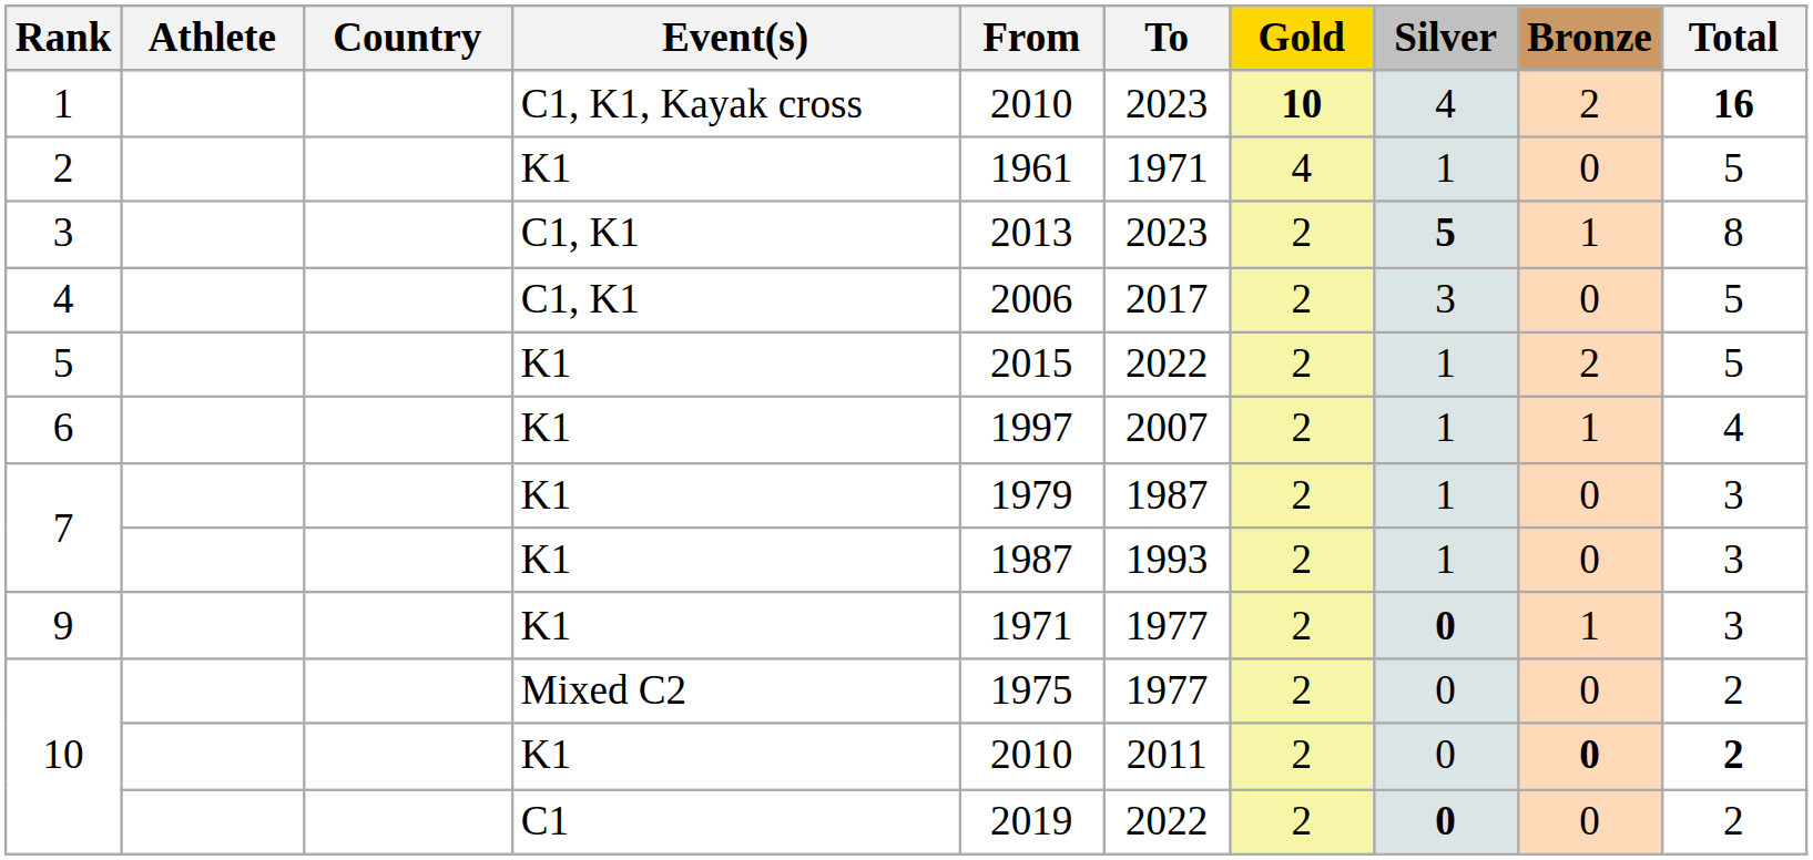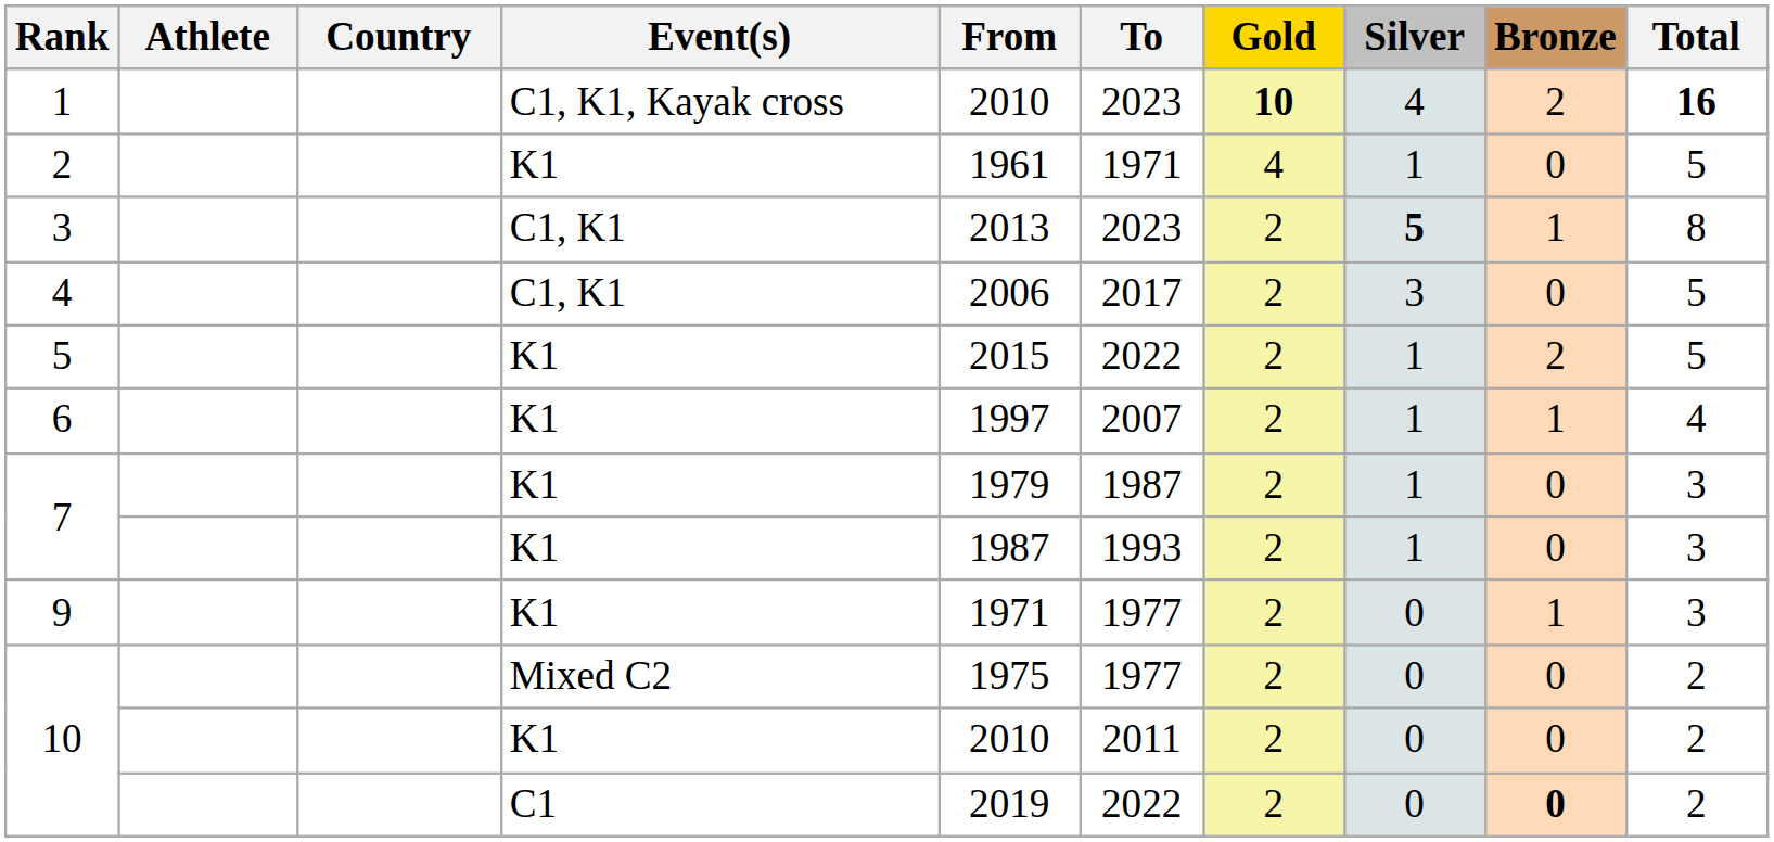 <table class="wikitable plainrowheaders" style="text-align:center;">
 <tr style="background-color:#EDEDED;">
 <th class="hintergrundfarbe5" style="width:1em">Rank</th>
 <th class="hintergrundfarbe5">Athlete</th>
 <th class="hintergrundfarbe5">Country</th>
 <th class="hintergrundfarbe5">Event(s)</th>
 <th class="hintergrundfarbe5">From</th>
 <th class="hintergrundfarbe5">To</th>
 <th style="background:    gold; width:8%">Gold</th>
 <th style="background:  silver; width:8%">Silver</th>
 <th style="background: #CC9966; width:8%">Bronze</th>
 <th class="hintergrundfarbe5" style="width:8%">Total</th>
 </tr>
 <tr>
 </tr>
 <tr align="center" bgcolor="#FFFFFF">
 <td valign="center">1</td>
 <td align="left"><strong></strong></td>
 <td align="left"></td>
 <td align="left">C1, K1, Kayak cross</td>
 <td align="center">2010</td>
 <td align="center">2023</td>
 <td style="background:#F7F6A8;"><strong>10</strong></td>
 <td style="background:#DCE5E5;">4</td>
 <td style="background:#FFDAB9;">2</td>
 <td><strong>16</strong></td>
 </tr>
 <tr align="center" bgcolor="#FFFFFF">
 <td valign="center">2</td>
 <td align="left"></td>
 <td align="left"></td>
 <td align="left">K1</td>
 <td align="center">1961</td>
 <td align="center">1971</td>
 <td style="background:#F7F6A8;">4</td>
 <td style="background:#DCE5E5;">1</td>
 <td style="background:#FFDAB9;">0</td>
 <td>5</td>
 </tr>
 <tr align="center" bgcolor="#FFFFFF">
 <td valign="center">3</td>
 <td align="left"><strong></strong></td>
 <td align="left"></td>
 <td align="left">C1, K1</td>
 <td align="center">2013</td>
 <td align="center">2023</td>
 <td style="background:#F7F6A8;">2</td>
 <td style="background:#DCE5E5;"><strong>5</strong></td>
 <td style="background:#FFDAB9;">1</td>
 <td>8</td>
 </tr>
 <tr align="center" bgcolor="#FFFFFF">
 <td valign="center">4</td>
 <td align="left"></td>
 <td align="left"></td>
 <td align="left">C1, K1</td>
 <td align="center">2006</td>
 <td align="center">2017</td>
 <td style="background:#F7F6A8;">2</td>
 <td style="background:#DCE5E5;">3</td>
 <td style="background:#FFDAB9;">0</td>
 <td>5</td>
 </tr>
 <tr align="center" bgcolor="#FFFFFF">
 <td valign="center">5</td>
 <td align="left"></td>
 <td align="left"></td>
 <td align="left">K1</td>
 <td align="center">2015</td>
 <td align="center">2022</td>
 <td style="background:#F7F6A8;">2</td>
 <td style="background:#DCE5E5;">1</td>
 <td style="background:#FFDAB9;">2</td>
 <td>5</td>
 </tr>
 <tr align="center" bgcolor="#FFFFFF">
 <td valign="center">6</td>
 <td align="left"></td>
 <td align="left"></td>
 <td align="left">K1</td>
 <td align="center">1997</td>
 <td align="center">2007</td>
 <td style="background:#F7F6A8;">2</td>
 <td style="background:#DCE5E5;">1</td>
 <td style="background:#FFDAB9;">1</td>
 <td>4</td>
 </tr>
 <tr align="center" bgcolor="#FFFFFF">
 <td rowspan="2" valign="center">7</td>
 <td align="left"></td>
 <td align="left"></td>
 <td align="left">K1</td>
 <td align="center">1979</td>
 <td align="center">1987</td>
 <td style="background:#F7F6A8;">2</td>
 <td style="background:#DCE5E5;">1</td>
 <td style="background:#FFDAB9;">0</td>
 <td>3</td>
 </tr>
 <tr align="center" bgcolor="#FFFFFF">
 <td align="left"></td>
 <td align="left"></td>
 <td align="left">K1</td>
 <td align="center">1987</td>
 <td align="center">1993</td>
 <td style="background:#F7F6A8;">2</td>
 <td style="background:#DCE5E5;">1</td>
 <td style="background:#FFDAB9;">0</td>
 <td>3</td>
 </tr>
 <tr align="center" bgcolor="#FFFFFF">
 <td valign="center">9</td>
 <td align="left"></td>
 <td align="left"></td>
 <td align="left">K1</td>
 <td align="center">1971</td>
 <td align="center">1977</td>
 <td style="background:#F7F6A8;">2</td>
-<td style="background:#DCE5E5;"><strong>0</strong></td>
+<td style="background:#DCE5E5;">0</td>
 <td style="background:#FFDAB9;">1</td>
 <td>3</td>
 </tr>
 <tr align="center" bgcolor="#FFFFFF">
 <td rowspan="3" valign="center">10</td>
 <td align="left"></td>
 <td align="left"></td>
 <td align="left">Mixed C2</td>
 <td align="center">1975</td>
 <td align="center">1977</td>
 <td style="background:#F7F6A8;">2</td>
 <td style="background:#DCE5E5;">0</td>
 <td style="background:#FFDAB9;">0</td>
 <td>2</td>
 </tr>
 <tr align="center" bgcolor="#FFFFFF">
 <td align="left"><strong></strong></td>
 <td align="left"></td>
 <td align="left">K1</td>
 <td align="center">2010</td>
 <td align="center">2011</td>
 <td style="background:#F7F6A8;">2</td>
 <td style="background:#DCE5E5;">0</td>
-<td style="background:#FFDAB9;"><strong>0</strong></td>
-<td><strong>2</strong></td>
+<td style="background:#FFDAB9;">0</td>
+<td>2</td>
 </tr>
 <tr align="center" bgcolor="#FFFFFF">
 <td align="left"><strong></strong></td>
 <td align="left"></td>
 <td align="left">C1</td>
 <td align="center">2019</td>
 <td align="center">2022</td>
 <td style="background:#F7F6A8;">2</td>
-<td style="background:#DCE5E5;"><strong>0</strong></td>
-<td style="background:#FFDAB9;">0</td>
+<td style="background:#DCE5E5;">0</td>
+<td style="background:#FFDAB9;"><strong>0</strong></td>
 <td>2</td>
 </tr>
 </table>
